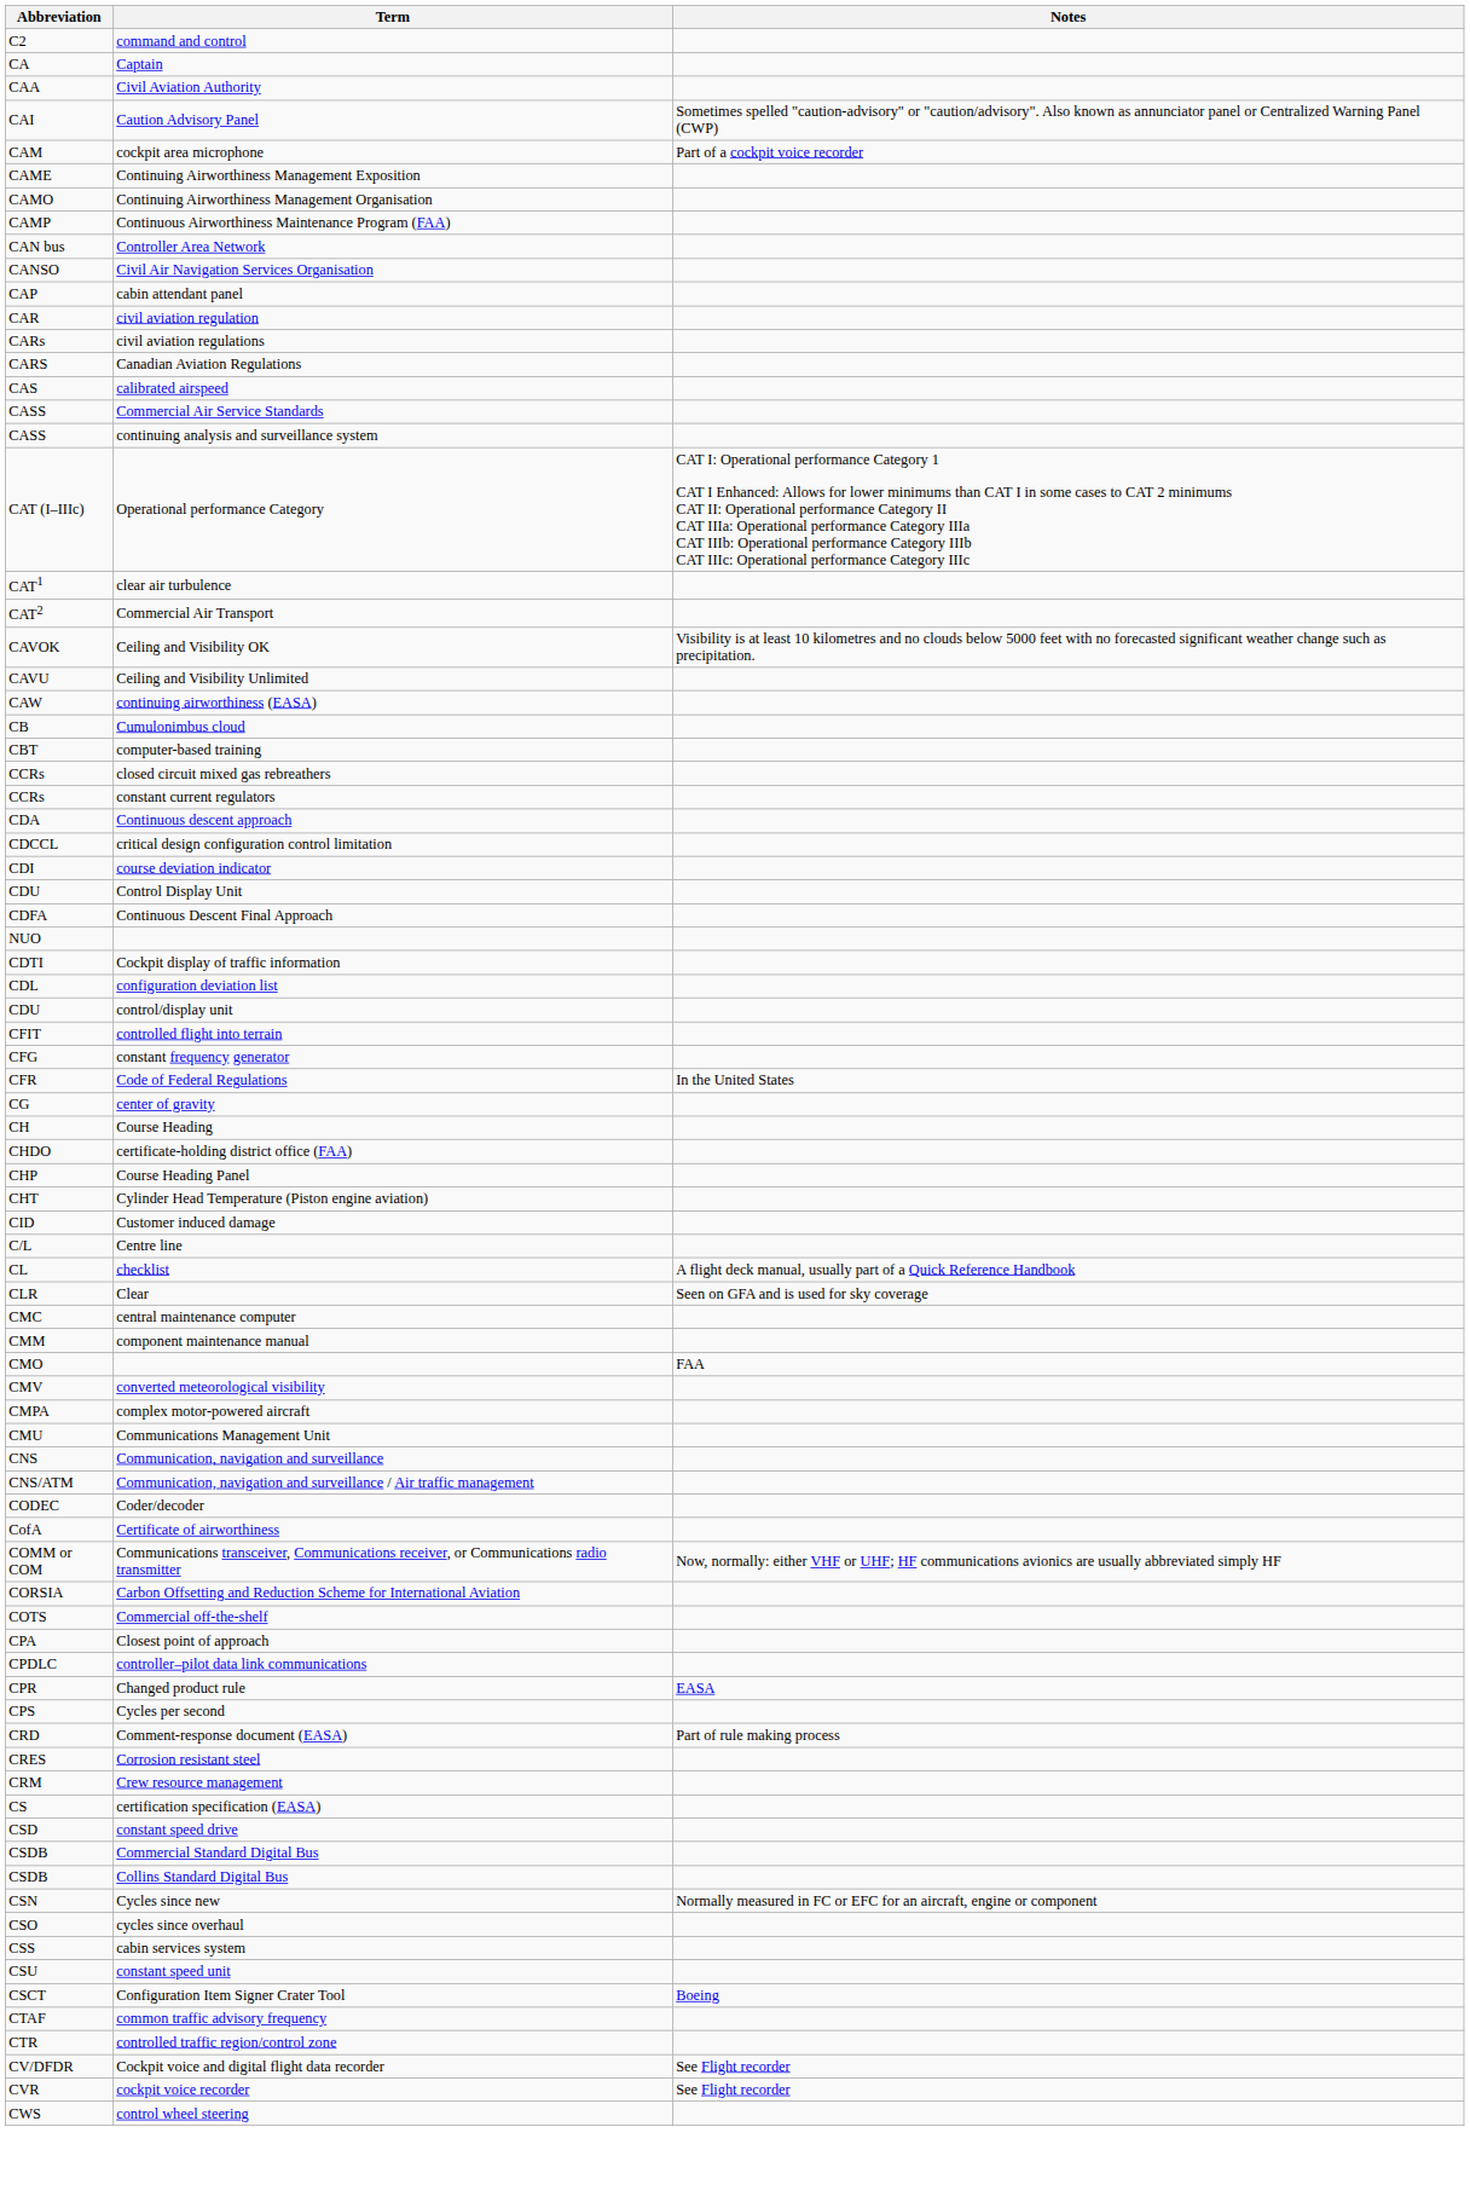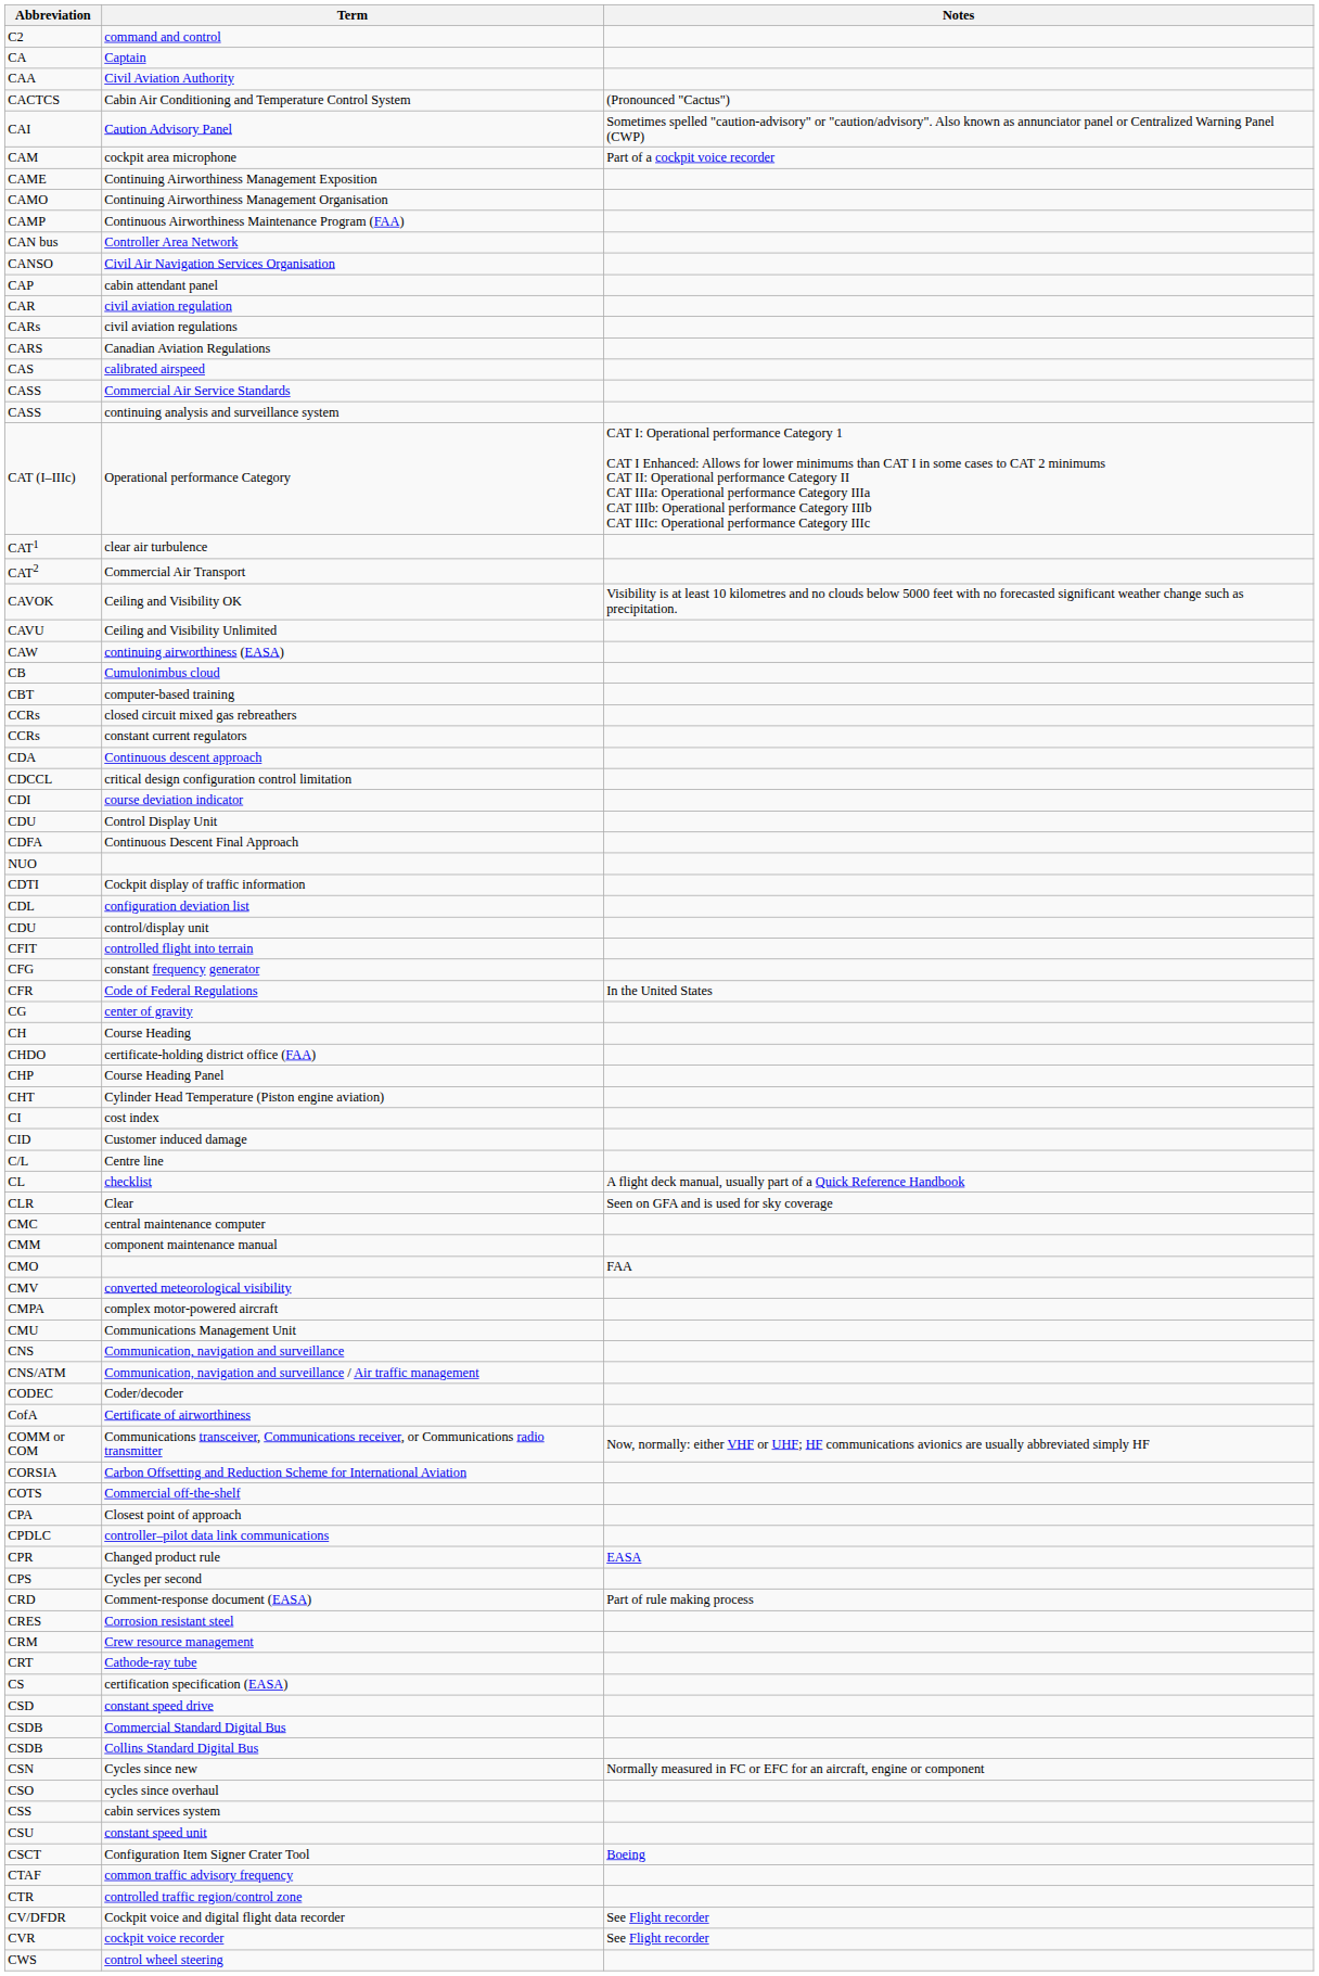 <table class="wikitable">
 <tr>
 <th>Abbreviation</th>
 <th>Term</th>
 <th>Notes</th>
 </tr>
 <tr>
 <td>C2</td>
 <td><a href='#'>command and control</a></td>
 <td></td>
 </tr>
 <tr>
 <td>CA</td>
 <td><a href='#'>Captain</a></td>
 <td></td>
 </tr>
 <tr>
 <td>CAA</td>
 <td><a href='#'>Civil Aviation Authority</a></td>
 <td></td>
+</tr>
+<tr>
+<td>CACTCS</td>
+<td>Cabin Air Conditioning and Temperature Control System</td>
+<td>(Pronounced "Cactus")</td>
 </tr>
 <tr>
 <td>CAI</td>
 <td><a href='#'>Caution Advisory Panel</a></td>
 <td>Sometimes spelled "caution-advisory" or "caution/advisory". Also known as annunciator panel or Centralized Warning Panel (CWP)</td>
 </tr>
 <tr>
 <td>CAM</td>
 <td>cockpit area microphone</td>
 <td>Part of a <a href='#'>cockpit voice recorder</a></td>
 </tr>
 <tr>
 <td>CAME</td>
 <td>Continuing Airworthiness Management Exposition</td>
 <td></td>
 </tr>
 <tr>
 <td>CAMO</td>
 <td>Continuing Airworthiness Management Organisation</td>
 <td></td>
 </tr>
 <tr>
 <td>CAMP</td>
 <td>Continuous Airworthiness Maintenance Program (<a href='#'>FAA</a>)</td>
 <td></td>
 </tr>
 <tr>
 <td>CAN bus</td>
 <td><a href='#'>Controller Area Network</a></td>
 <td></td>
 </tr>
 <tr>
 <td>CANSO</td>
 <td><a href='#'>Civil Air Navigation Services Organisation</a></td>
 <td></td>
 </tr>
 <tr>
 <td>CAP</td>
 <td>cabin attendant panel</td>
 <td></td>
 </tr>
 <tr>
 <td>CAR</td>
 <td><a href='#'>civil aviation regulation</a></td>
 <td></td>
 </tr>
 <tr>
 <td>CARs</td>
 <td>civil aviation regulations</td>
 <td></td>
 </tr>
 <tr>
 <td>CARS</td>
 <td>Canadian Aviation Regulations</td>
 <td></td>
 </tr>
 <tr>
 <td>CAS</td>
 <td><a href='#'>calibrated airspeed</a></td>
 <td></td>
 </tr>
 <tr>
 <td>CASS</td>
 <td><a href='#'>Commercial Air Service Standards</a></td>
 <td></td>
 </tr>
 <tr>
 <td>CASS</td>
 <td>continuing analysis and surveillance system</td>
 <td></td>
 </tr>
 <tr>
 <td>CAT (I–IIIc)</td>
 <td>Operational performance Category</td>
 <td>CAT I: Operational performance Category 1<br><br>CAT I Enhanced: Allows for lower minimums than CAT I in some cases to CAT 2 minimums<br> CAT II: Operational performance Category II<br> CAT IIIa: Operational performance Category IIIa<br> CAT IIIb: Operational performance Category IIIb<br> CAT IIIc: Operational performance Category IIIc</td>
 </tr>
 <tr>
 <td>CAT<sup>1</sup></td>
 <td>clear air turbulence</td>
 <td></td>
 </tr>
 <tr>
 <td>CAT<sup>2</sup></td>
 <td>Commercial Air Transport</td>
 <td></td>
 </tr>
 <tr>
 <td>CAVOK</td>
 <td>Ceiling and Visibility OK</td>
 <td>Visibility is at least 10 kilometres and no clouds below 5000 feet with no forecasted significant weather change such as precipitation.</td>
 </tr>
 <tr>
 <td>CAVU</td>
 <td>Ceiling and Visibility Unlimited</td>
 <td></td>
 </tr>
 <tr>
 <td>CAW</td>
 <td><a href='#'>continuing airworthiness</a> (<a href='#'>EASA</a>)</td>
 <td></td>
 </tr>
 <tr>
 <td>CB</td>
 <td><a href='#'>Cumulonimbus cloud</a></td>
 <td></td>
 </tr>
 <tr>
 <td>CBT</td>
 <td>computer-based training</td>
 <td></td>
 </tr>
 <tr>
 <td>CCRs</td>
 <td>closed circuit mixed gas rebreathers</td>
 <td></td>
 </tr>
 <tr>
 <td>CCRs</td>
 <td>constant current regulators</td>
 <td></td>
 </tr>
 <tr>
 <td>CDA</td>
 <td><a href='#'>Continuous descent approach</a></td>
 <td></td>
 </tr>
 <tr>
 <td>CDCCL</td>
 <td>critical design configuration control limitation</td>
 <td></td>
 </tr>
 <tr>
 <td>CDI</td>
 <td><a href='#'>course deviation indicator</a></td>
 <td></td>
 </tr>
 <tr>
 <td>CDU</td>
 <td>Control Display Unit</td>
 <td></td>
 </tr>
 <tr>
 <td>CDFA</td>
 <td>Continuous Descent Final Approach</td>
 <td></td>
 </tr>
 <tr>
 <td>NUO</td>
 <td></td>
 </tr>
 <tr>
 <td>CDTI</td>
 <td>Cockpit display of traffic information</td>
 <td></td>
 </tr>
 <tr>
 <td>CDL</td>
 <td><a href='#'>configuration deviation list</a></td>
 <td></td>
 </tr>
 <tr>
 <td>CDU</td>
 <td>control/display unit</td>
 <td></td>
 </tr>
 <tr>
 <td>CFIT</td>
 <td><a href='#'>controlled flight into terrain</a></td>
 <td></td>
 </tr>
 <tr>
 <td>CFG</td>
 <td>constant <a href='#'>frequency</a> <a href='#'>generator</a></td>
 <td></td>
 </tr>
 <tr>
 <td>CFR</td>
 <td><a href='#'>Code of Federal Regulations</a></td>
 <td>In the United States</td>
 </tr>
 <tr>
 <td>CG</td>
 <td><a href='#'>center of gravity</a></td>
 <td></td>
 </tr>
 <tr>
 <td>CH</td>
 <td>Course Heading</td>
 <td></td>
 </tr>
 <tr>
 <td>CHDO</td>
 <td>certificate-holding district office (<a href='#'>FAA</a>)</td>
 <td></td>
 </tr>
 <tr>
 <td>CHP</td>
 <td>Course Heading  Panel</td>
 <td></td>
 </tr>
 <tr>
 <td>CHT</td>
 <td>Cylinder Head Temperature (Piston engine aviation)</td>
 <td></td>
 </tr>
 <tr>
+<td>CI</td>
+<td>cost index</td>
+<td></td>
+</tr>
+<tr>
 <td>CID</td>
 <td>Customer induced damage</td>
 </tr>
 <tr>
 <td>C/L</td>
 <td>Centre line</td>
 <td></td>
 </tr>
 <tr>
 <td>CL</td>
 <td><a href='#'>checklist</a></td>
 <td>A flight deck manual, usually part of a <a href='#'>Quick Reference Handbook</a></td>
 </tr>
 <tr>
 <td>CLR</td>
 <td>Clear</td>
 <td>Seen on GFA and is used for sky coverage</td>
 </tr>
 <tr>
 <td>CMC</td>
 <td>central maintenance computer</td>
 <td></td>
 </tr>
 <tr>
 <td>CMM</td>
 <td>component maintenance manual</td>
 <td></td>
 </tr>
 <tr>
 <td>CMO</td>
 <td></td>
 <td>FAA</td>
 </tr>
 <tr>
 <td>CMV</td>
 <td><a href='#'>converted meteorological visibility</a></td>
 <td></td>
 </tr>
 <tr>
 <td>CMPA</td>
 <td>complex motor-powered aircraft</td>
 <td></td>
 </tr>
 <tr>
 <td>CMU</td>
 <td>Communications Management Unit</td>
 <td></td>
 </tr>
 <tr>
 <td>CNS</td>
 <td><a href='#'>Communication, navigation and surveillance</a></td>
 <td></td>
 </tr>
 <tr>
 <td>CNS/ATM</td>
 <td><a href='#'>Communication, navigation and surveillance</a>  / <a href='#'>Air traffic management</a></td>
 <td></td>
 </tr>
 <tr>
 <td>CODEC</td>
 <td>Coder/decoder</td>
 <td></td>
 </tr>
 <tr>
 <td>CofA</td>
 <td><a href='#'>Certificate of airworthiness</a></td>
 <td></td>
 </tr>
 <tr>
 <td>COMM or COM</td>
 <td>Communications <a href='#'>transceiver</a>, <a href='#'>Communications receiver</a>, or Communications <a href='#'>radio transmitter</a></td>
 <td>Now, normally: either <a href='#'>VHF</a> or <a href='#'>UHF</a>;  <a href='#'>HF</a> communications avionics are usually abbreviated simply HF</td>
 </tr>
 <tr>
 <td>CORSIA</td>
 <td><a href='#'>Carbon Offsetting and Reduction Scheme for International Aviation</a></td>
 <td></td>
 </tr>
 <tr>
 <td>COTS</td>
 <td><a href='#'>Commercial off-the-shelf</a></td>
 <td></td>
 </tr>
 <tr>
 <td>CPA</td>
 <td>Closest point of approach</td>
 <td></td>
 </tr>
 <tr>
 <td>CPDLC</td>
 <td><a href='#'>controller–pilot data link communications</a></td>
 <td></td>
 </tr>
 <tr>
 <td>CPR</td>
 <td>Changed product rule</td>
 <td><a href='#'>EASA</a></td>
 </tr>
 <tr>
 <td>CPS</td>
 <td>Cycles per second</td>
 <td></td>
 </tr>
 <tr>
 <td>CRD</td>
 <td>Comment-response document (<a href='#'>EASA</a>)</td>
 <td>Part of rule making process</td>
 </tr>
 <tr>
 <td>CRES</td>
 <td><a href='#'>Corrosion resistant steel</a></td>
 <td></td>
 </tr>
 <tr>
 <td>CRM</td>
 <td><a href='#'>Crew resource management</a></td>
 <td></td>
 </tr>
 <tr>
+<td>CRT</td>
+<td><a href='#'>Cathode-ray tube</a></td>
+<td></td>
+</tr>
+<tr>
 <td>CS</td>
 <td>certification specification (<a href='#'>EASA</a>)</td>
 <td></td>
 </tr>
 <tr>
 <td>CSD</td>
 <td><a href='#'>constant speed drive</a></td>
 <td></td>
 </tr>
 <tr>
 <td>CSDB</td>
 <td><a href='#'>Commercial Standard Digital Bus</a></td>
 <td></td>
 </tr>
 <tr>
 <td>CSDB</td>
 <td><a href='#'>Collins Standard Digital Bus</a></td>
 <td></td>
 </tr>
 <tr>
 <td>CSN</td>
 <td>Cycles since new</td>
 <td>Normally measured in FC or EFC for an aircraft, engine or component</td>
 </tr>
 <tr>
 <td>CSO</td>
 <td>cycles since overhaul</td>
 <td></td>
 </tr>
 <tr>
 <td>CSS</td>
 <td>cabin services system</td>
 <td></td>
 </tr>
 <tr>
 <td>CSU</td>
 <td><a href='#'>constant speed unit</a></td>
 <td></td>
 </tr>
 <tr>
 <td>CSCT</td>
 <td>Configuration Item Signer Crater Tool</td>
 <td><a href='#'>Boeing</a></td>
 </tr>
 <tr>
 <td>CTAF</td>
 <td><a href='#'>common traffic advisory frequency</a></td>
 <td></td>
 </tr>
 <tr>
 <td>CTR</td>
 <td><a href='#'>controlled traffic region/control zone</a></td>
 <td></td>
 </tr>
 <tr>
 <td>CV/DFDR</td>
 <td>Cockpit voice and digital flight data recorder</td>
 <td>See <a href='#'>Flight recorder</a></td>
 </tr>
 <tr>
 <td>CVR</td>
 <td><a href='#'>cockpit voice recorder</a></td>
 <td>See <a href='#'>Flight recorder</a></td>
 </tr>
 <tr>
 <td>CWS</td>
 <td><a href='#'>control wheel steering</a></td>
 <td></td>
 </tr>
 </table>
